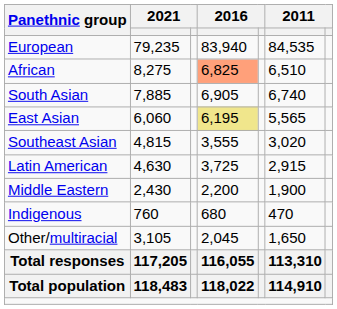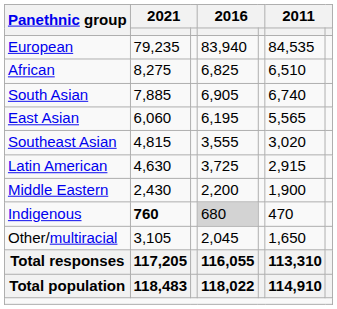 <table class="wikitable collapsible sortable">
 <tr>
 <th rowspan="2"><a href='#'>Panethnic</a> group</th>
 <th colspan="2">2021</th>
 <th colspan="2">2016</th>
 <th colspan="2">2011</th>
 </tr>
 <tr>
 <th><a href='#'></a></th>
 <th></th>
 <th></th>
 <th></th>
 <th></th>
 <th></th>
 </tr>
 <tr>
 <td><a href='#'>European</a></td>
 <td>79,235</td>
 <td></td>
 <td>83,940</td>
 <td></td>
 <td>84,535</td>
 <td></td>
 </tr>
 <tr>
 <td><a href='#'>African</a></td>
 <td>8,275</td>
 <td></td>
-<td style="background: lightsalmon;">6,825</td>
+<td>6,825</td>
 <td></td>
 <td>6,510</td>
 <td></td>
 </tr>
 <tr>
 <td><a href='#'>South Asian</a></td>
 <td>7,885</td>
 <td></td>
 <td>6,905</td>
 <td></td>
 <td>6,740</td>
 <td></td>
 </tr>
 <tr>
 <td><a href='#'>East Asian</a></td>
 <td>6,060</td>
 <td></td>
-<td style="background: khaki;">6,195</td>
+<td>6,195</td>
 <td></td>
 <td>5,565</td>
 <td></td>
 </tr>
 <tr>
 <td><a href='#'>Southeast Asian</a></td>
 <td>4,815</td>
 <td></td>
 <td>3,555</td>
 <td></td>
 <td>3,020</td>
 <td></td>
 </tr>
 <tr>
 <td><a href='#'>Latin American</a></td>
 <td>4,630</td>
 <td></td>
 <td>3,725</td>
 <td></td>
 <td>2,915</td>
 <td></td>
 </tr>
 <tr>
 <td><a href='#'>Middle Eastern</a></td>
 <td>2,430</td>
 <td></td>
 <td>2,200</td>
 <td></td>
 <td>1,900</td>
 <td></td>
 </tr>
 <tr>
 <td><a href='#'>Indigenous</a></td>
-<td>760</td>
+<td><strong>760</strong></td>
 <td></td>
-<td>680</td>
+<td style="background: lightgrey;">680</td>
 <td></td>
 <td>470</td>
 <td></td>
 </tr>
 <tr>
 <td>Other/<a href='#'>multiracial</a></td>
 <td>3,105</td>
 <td></td>
 <td>2,045</td>
 <td></td>
 <td>1,650</td>
 <td></td>
 </tr>
 <tr>
 <th>Total responses</th>
 <th>117,205</th>
 <th></th>
 <th>116,055</th>
 <th></th>
 <th>113,310</th>
 <th></th>
 </tr>
 <tr class="sortbottom">
 <th>Total population</th>
 <th>118,483</th>
 <th></th>
 <th>118,022</th>
 <th></th>
 <th>114,910</th>
 <th></th>
 </tr>
 <tr class="sortbottom">
 <td colspan="15"></td>
 </tr>
 </table>
